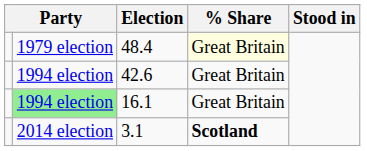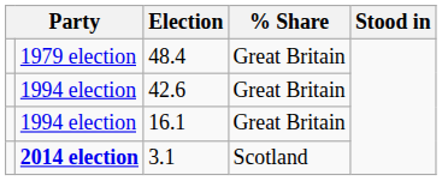 <table class="wikitable sortable">
 <tr>
 <th colspan=2>Party</th>
 <th>Election</th>
 <th>% Share</th>
 <th>Stood in</th>
 </tr>
 <tr>
 <td></td>
 <td><a href='#'>1979 election</a></td>
 <td>48.4</td>
-<td style="background: lightyellow;">Great Britain</td>
+<td>Great Britain</td>
 </tr>
 <tr>
 <td></td>
 <td><a href='#'>1994 election</a></td>
 <td>42.6</td>
 <td>Great Britain</td>
 </tr>
 <tr>
 <td></td>
-<td style="background: lightgreen;"><a href='#'>1994 election</a></td>
+<td><a href='#'>1994 election</a></td>
 <td>16.1</td>
 <td>Great Britain</td>
 </tr>
 <tr>
 <td></td>
-<td><a href='#'>2014 election</a></td>
+<td><strong><a href='#'>2014 election</a></strong></td>
 <td>3.1</td>
-<td><strong>Scotland</strong></td>
+<td>Scotland</td>
 </tr>
 </table>
